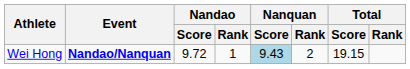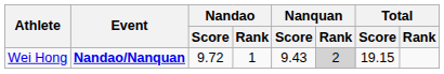 <table class="wikitable" style="text-align:center; font-size:90%">
 <tr>
 <th rowspan="2">Athlete</th>
 <th rowspan="2">Event</th>
 <th colspan="2">Nandao</th>
 <th colspan="2">Nanquan</th>
 <th colspan="2">Total</th>
 </tr>
 <tr>
 <th>Score</th>
 <th>Rank</th>
 <th>Score</th>
 <th>Rank</th>
 <th>Score</th>
 <th>Rank</th>
 </tr>
 <tr>
 <td align="left"><a href='#'>Wei Hong</a></td>
 <td align="left"><strong><a href='#'>Nandao/Nanquan</a></strong></td>
 <td>9.72</td>
 <td>1</td>
-<td style="background: lightblue;">9.43</td>
-<td>2</td>
+<td>9.43</td>
+<td style="background: lightgrey;">2</td>
 <td>19.15</td>
 <td align=center></td>
 </tr>
 </table>
